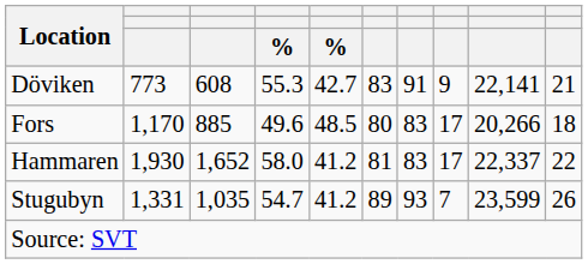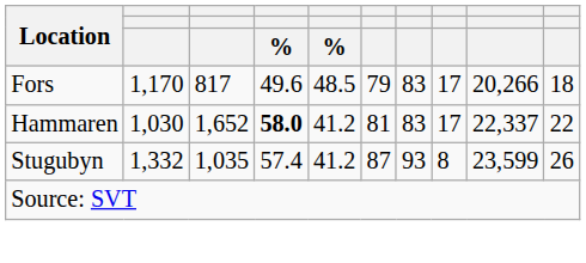 <table role="presentation" class="wikitable sortable mw-collapsible">
 <tr>
 <th rowspan="3">Location</th>
 <th></th>
 <th></th>
 <th></th>
 <th></th>
 <th></th>
 <th></th>
 <th></th>
 <th></th>
 <th></th>
 </tr>
 <tr>
 <th></th>
 <th></th>
 <th style="background:"></th>
 <th style="background:"></th>
 <th></th>
 <th></th>
 <th></th>
 <th></th>
 <th></th>
 </tr>
 <tr>
 <th data-sort-type="number"></th>
 <th data-sort-type="number"></th>
 <th data-sort-type="number">%</th>
 <th data-sort-type="number">%</th>
 <th data-sort-type="number"></th>
 <th data-sort-type="number"></th>
 <th data-sort-type="number"></th>
 <th data-sort-type="number"></th>
 <th data-sort-type="number"></th>
 </tr>
 <tr>
-<td align="left">Döviken</td>
-<td>773</td>
-<td>608</td>
-<td>55.3</td>
-<td>42.7</td>
-<td>83</td>
-<td>91</td>
-<td>9</td>
-<td>22,141</td>
-<td>21</td>
-</tr>
-<tr>
 <td align="left">Fors</td>
 <td>1,170</td>
-<td>885</td>
+<td>817</td>
 <td>49.6</td>
 <td>48.5</td>
-<td>80</td>
+<td>79</td>
 <td>83</td>
 <td>17</td>
 <td>20,266</td>
 <td>18</td>
 </tr>
 <tr>
 <td align="left">Hammaren</td>
-<td>1,930</td>
+<td>1,030</td>
 <td>1,652</td>
-<td>58.0</td>
+<td><strong>58.0</strong></td>
 <td>41.2</td>
 <td>81</td>
 <td>83</td>
 <td>17</td>
 <td>22,337</td>
 <td>22</td>
 </tr>
 <tr>
 <td align="left">Stugubyn</td>
-<td>1,331</td>
+<td>1,332</td>
 <td>1,035</td>
-<td>54.7</td>
+<td>57.4</td>
 <td>41.2</td>
-<td>89</td>
+<td>87</td>
 <td>93</td>
-<td>7</td>
+<td>8</td>
 <td>23,599</td>
 <td>26</td>
 </tr>
 <tr>
 <td colspan="10" align="left">Source: <a href='#'>SVT</a></td>
 </tr>
 </table>
